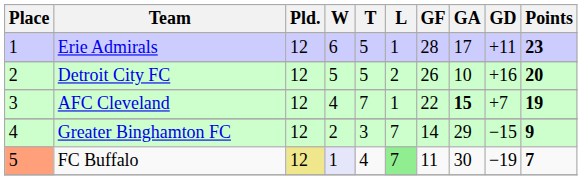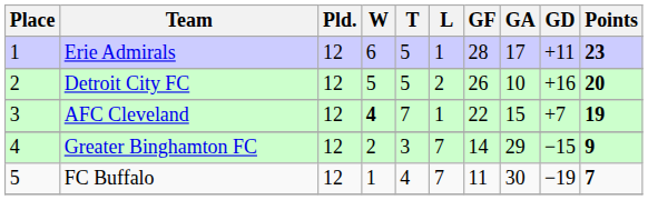 <table class="wikitable">
 <tr>
 <th>Place</th>
 <th width="200">Team</th>
 <th width="20">Pld.</th>
 <th width="20">W</th>
 <th width="20">T</th>
 <th width="20">L</th>
 <th width="20">GF</th>
 <th width="20">GA</th>
 <th width="25">GD</th>
 <th>Points</th>
 </tr>
 <tr>
 </tr>
 <tr bgcolor=#CCCCFF>
 <td>1</td>
 <td><a href='#'>Erie Admirals</a></td>
 <td>12</td>
 <td>6</td>
 <td>5</td>
 <td>1</td>
 <td>28</td>
 <td>17</td>
 <td>+11</td>
 <td><strong>23</strong></td>
 </tr>
 <tr>
 </tr>
 <tr bgcolor=#CCFFCC>
 <td>2</td>
 <td><a href='#'>Detroit City FC</a></td>
 <td>12</td>
 <td>5</td>
 <td>5</td>
 <td>2</td>
 <td>26</td>
 <td>10</td>
 <td>+16</td>
 <td><strong>20</strong></td>
 </tr>
 <tr>
 </tr>
 <tr bgcolor=#CCFFCC>
 <td>3</td>
 <td><a href='#'>AFC Cleveland</a></td>
 <td>12</td>
-<td>4</td>
+<td><strong>4</strong></td>
 <td>7</td>
 <td>1</td>
 <td>22</td>
-<td><strong>15</strong></td>
+<td>15</td>
 <td>+7</td>
 <td><strong>19</strong></td>
 </tr>
 <tr>
 </tr>
 <tr bgcolor=#CCFFCC>
 <td>4</td>
 <td><a href='#'>Greater Binghamton FC</a></td>
 <td>12</td>
 <td>2</td>
 <td>3</td>
 <td>7</td>
 <td>14</td>
 <td>29</td>
 <td>−15</td>
 <td><strong>9</strong></td>
 </tr>
 <tr>
-<td style="background: lightsalmon;">5</td>
+<td>5</td>
 <td>FC Buffalo</td>
-<td style="background: khaki;">12</td>
-<td style="background: lavender;">1</td>
+<td>12</td>
+<td>1</td>
 <td>4</td>
-<td style="background: lightgreen;">7</td>
+<td>7</td>
 <td>11</td>
 <td>30</td>
 <td>−19</td>
 <td><strong>7</strong></td>
 </tr>
 <tr>
 </tr>
 </table>
